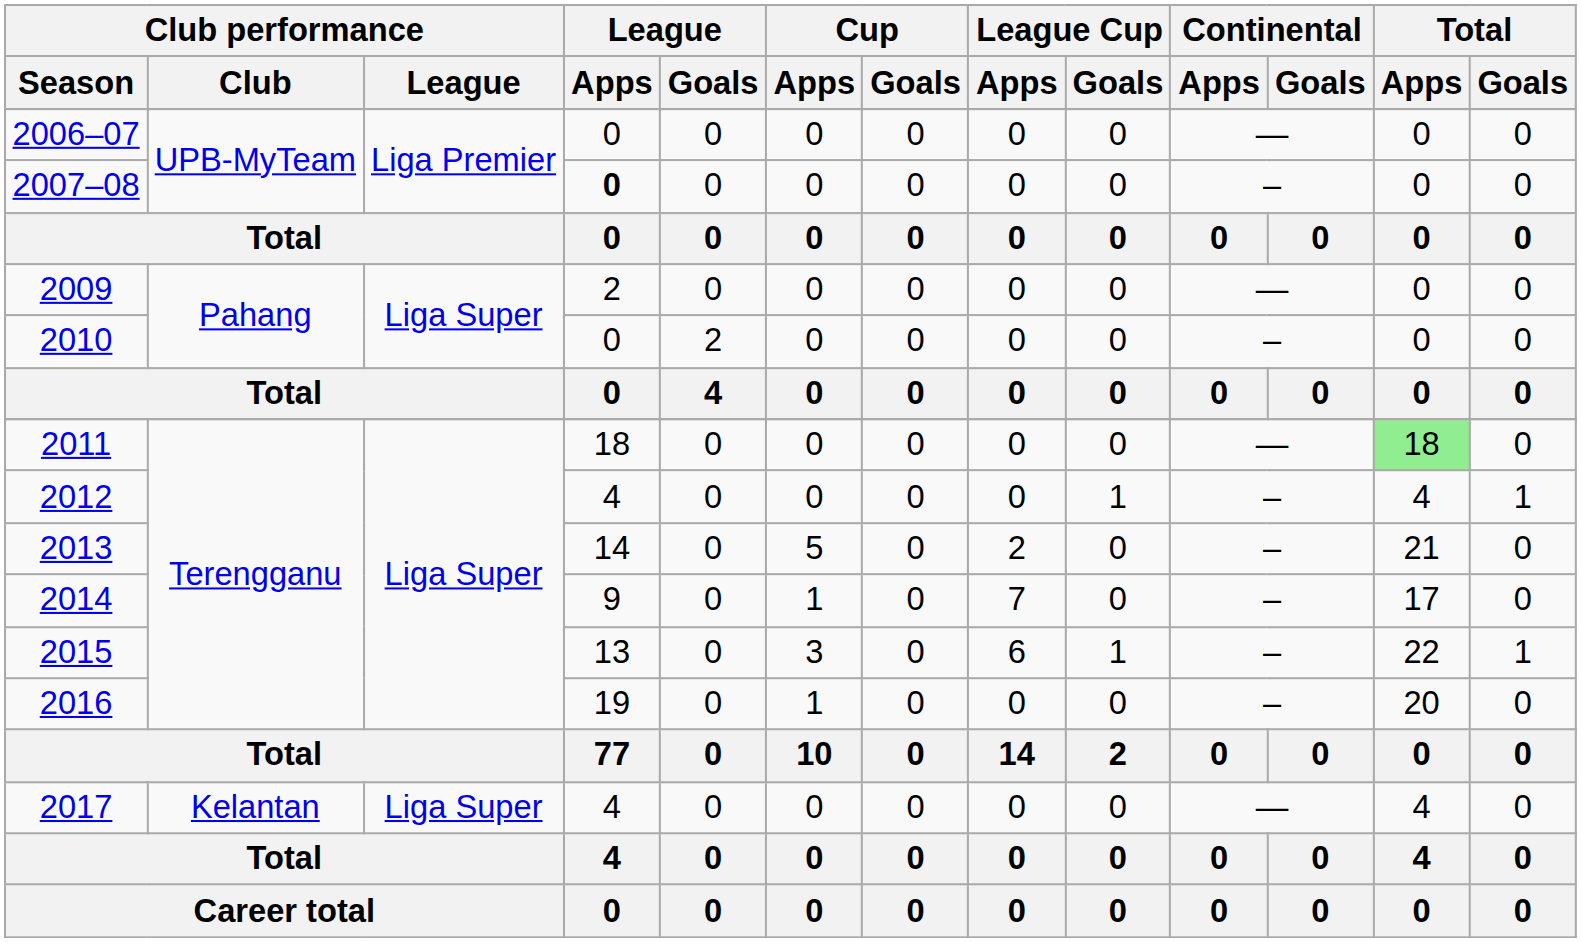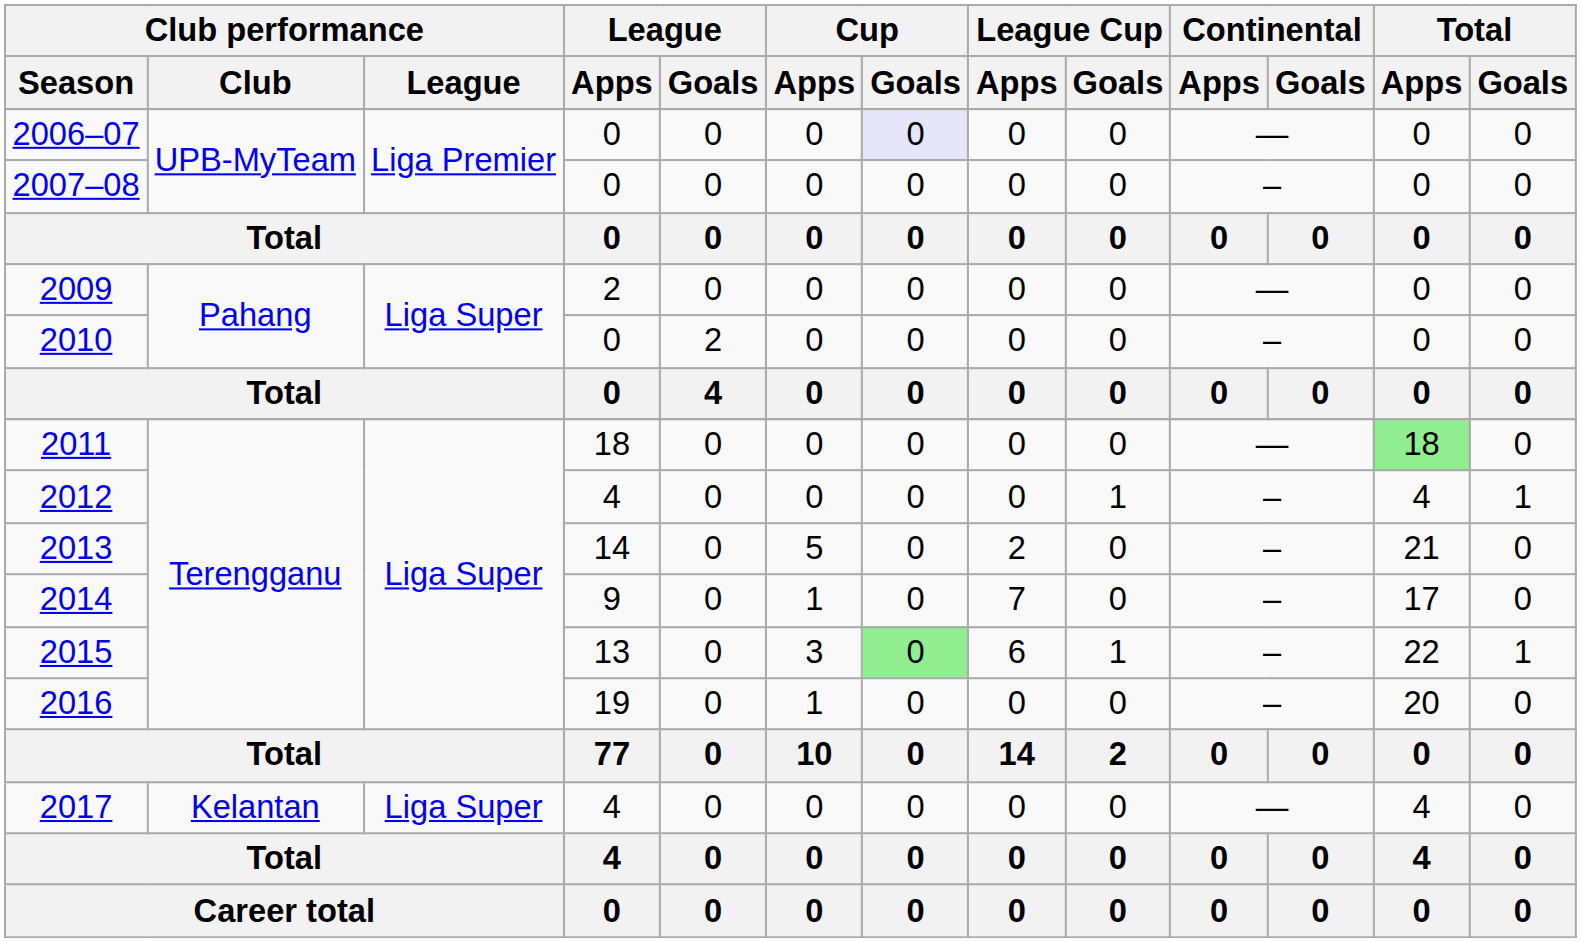 <table class="wikitable" style="text-align:center">
 <tr>
 <th colspan=3>Club performance</th>
 <th colspan=2>League</th>
 <th colspan=2>Cup</th>
 <th colspan=2>League Cup</th>
 <th colspan=2>Continental</th>
 <th colspan=2>Total</th>
 </tr>
 <tr>
 <th>Season</th>
 <th>Club</th>
 <th>League</th>
 <th>Apps</th>
 <th>Goals</th>
 <th>Apps</th>
 <th>Goals</th>
 <th>Apps</th>
 <th>Goals</th>
 <th>Apps</th>
 <th>Goals</th>
 <th>Apps</th>
 <th>Goals</th>
 </tr>
 <tr>
 </tr>
 <tr>
 <td><a href='#'>2006–07</a></td>
 <td rowspan="2"><a href='#'>UPB-MyTeam</a></td>
 <td rowspan="2"><a href='#'>Liga Premier</a></td>
 <td>0</td>
 <td>0</td>
 <td>0</td>
-<td>0</td>
+<td style="background: lavender;">0</td>
 <td>0</td>
 <td>0</td>
 <td colspan="2">—</td>
 <td>0</td>
 <td>0</td>
 </tr>
 <tr>
 <td><a href='#'>2007–08</a></td>
-<td><strong>0</strong></td>
+<td>0</td>
 <td>0</td>
 <td>0</td>
 <td>0</td>
 <td>0</td>
 <td>0</td>
 <td colspan="2">–</td>
 <td>0</td>
 <td>0</td>
 </tr>
 <tr>
 <th colspan=3>Total</th>
 <th>0</th>
 <th>0</th>
 <th>0</th>
 <th>0</th>
 <th>0</th>
 <th>0</th>
 <th>0</th>
 <th>0</th>
 <th>0</th>
 <th>0</th>
 </tr>
 <tr>
 <td><a href='#'>2009</a></td>
 <td rowspan="2"><a href='#'>Pahang</a></td>
 <td rowspan="2"><a href='#'>Liga Super</a></td>
 <td>2</td>
 <td>0</td>
 <td>0</td>
 <td>0</td>
 <td>0</td>
 <td>0</td>
 <td colspan="2">—</td>
 <td>0</td>
 <td>0</td>
 </tr>
 <tr>
 <td><a href='#'>2010</a></td>
 <td>0</td>
 <td>2</td>
 <td>0</td>
 <td>0</td>
 <td>0</td>
 <td>0</td>
 <td colspan="2">–</td>
 <td>0</td>
 <td>0</td>
 </tr>
 <tr>
 <th colspan=3>Total</th>
 <th>0</th>
 <th>4</th>
 <th>0</th>
 <th>0</th>
 <th>0</th>
 <th>0</th>
 <th>0</th>
 <th>0</th>
 <th>0</th>
 <th>0</th>
 </tr>
 <tr>
 </tr>
 <tr>
 <td><a href='#'>2011</a></td>
 <td rowspan="6"><a href='#'>Terengganu</a></td>
 <td rowspan="6"><a href='#'>Liga Super</a></td>
 <td>18</td>
 <td>0</td>
 <td>0</td>
 <td>0</td>
 <td>0</td>
 <td>0</td>
 <td colspan="2">—</td>
 <td style="background: lightgreen;">18</td>
 <td>0</td>
 </tr>
 <tr>
 <td><a href='#'>2012</a></td>
 <td>4</td>
 <td>0</td>
 <td>0</td>
 <td>0</td>
 <td>0</td>
 <td>1</td>
 <td colspan="2">–</td>
 <td>4</td>
 <td>1</td>
 </tr>
 <tr>
 <td><a href='#'>2013</a></td>
 <td>14</td>
 <td>0</td>
 <td>5</td>
 <td>0</td>
 <td>2</td>
 <td>0</td>
 <td colspan="2">–</td>
 <td>21</td>
 <td>0</td>
 </tr>
 <tr>
 <td><a href='#'>2014</a></td>
 <td>9</td>
 <td>0</td>
 <td>1</td>
 <td>0</td>
 <td>7</td>
 <td>0</td>
 <td colspan="2">–</td>
 <td>17</td>
 <td>0</td>
 </tr>
 <tr>
 <td><a href='#'>2015</a></td>
 <td>13</td>
 <td>0</td>
 <td>3</td>
-<td>0</td>
+<td style="background: lightgreen;">0</td>
 <td>6</td>
 <td>1</td>
 <td colspan="2">–</td>
 <td>22</td>
 <td>1</td>
 </tr>
 <tr>
 <td><a href='#'>2016</a></td>
 <td>19</td>
 <td>0</td>
 <td>1</td>
 <td>0</td>
 <td>0</td>
 <td>0</td>
 <td colspan="2">–</td>
 <td>20</td>
 <td>0</td>
 </tr>
 <tr>
 <th colspan=3>Total</th>
 <th>77</th>
 <th>0</th>
 <th>10</th>
 <th>0</th>
 <th>14</th>
 <th>2</th>
 <th>0</th>
 <th>0</th>
 <th>0</th>
 <th>0</th>
 </tr>
 <tr>
 <td><a href='#'>2017</a></td>
 <td rowspan="1"><a href='#'>Kelantan</a></td>
 <td rowspan="1"><a href='#'>Liga Super</a></td>
 <td>4</td>
 <td>0</td>
 <td>0</td>
 <td>0</td>
 <td>0</td>
 <td>0</td>
 <td colspan="2">—</td>
 <td>4</td>
 <td>0</td>
 </tr>
 <tr>
 <th colspan=3>Total</th>
 <th>4</th>
 <th>0</th>
 <th>0</th>
 <th>0</th>
 <th>0</th>
 <th>0</th>
 <th>0</th>
 <th>0</th>
 <th>4</th>
 <th>0</th>
 </tr>
 <tr>
 <th colspan=3>Career total</th>
 <th>0</th>
 <th>0</th>
 <th>0</th>
 <th>0</th>
 <th>0</th>
 <th>0</th>
 <th>0</th>
 <th>0</th>
 <th>0</th>
 <th>0</th>
 </tr>
 </table>
